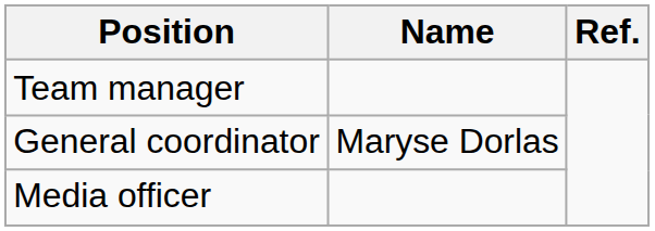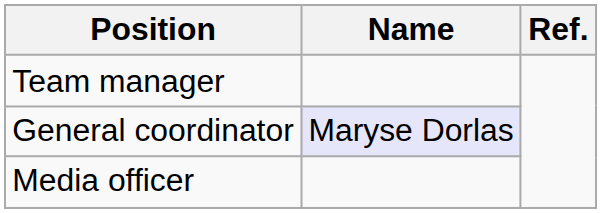 <table class="wikitable">
 <tr>
 <th>Position</th>
 <th>Name</th>
 <th>Ref.</th>
 </tr>
 <tr>
 <td>Team manager</td>
 <td></td>
 <td rowspan="5"></td>
 </tr>
 <tr>
 <td>General coordinator</td>
-<td> Maryse Dorlas</td>
+<td style="background: lavender;"> Maryse Dorlas</td>
 </tr>
 <tr>
 <td>Media officer</td>
 <td></td>
 </tr>
 <tr>
 </tr>
 </table>
